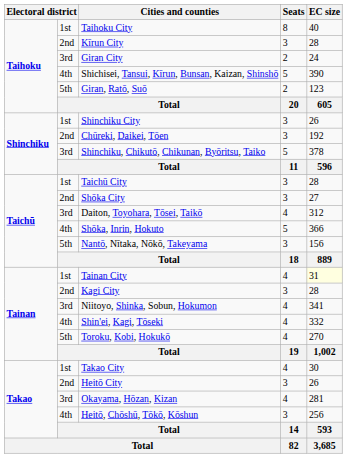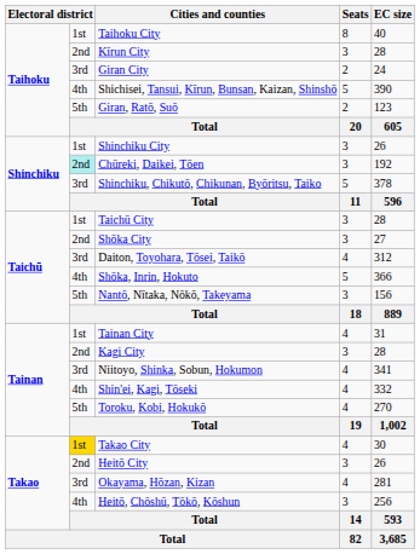 <table class="wikitable">
 <tr>
 <th colspan="2">Electoral district</th>
 <th>Cities and counties</th>
 <th>Seats</th>
 <th>EC size</th>
 </tr>
 <tr>
 <td rowspan="6"><strong><a href='#'>Taihoku</a></strong></td>
 <td>1st</td>
 <td><a href='#'>Taihoku City</a></td>
 <td>8</td>
 <td>40</td>
 </tr>
 <tr>
 <td>2nd</td>
 <td><a href='#'>Kīrun City</a></td>
 <td>3</td>
 <td>28</td>
 </tr>
 <tr>
 <td>3rd</td>
 <td><a href='#'>Giran City</a></td>
 <td>2</td>
 <td>24</td>
 </tr>
 <tr>
 <td>4th</td>
 <td>Shichisei, <a href='#'>Tansui</a>, <a href='#'>Kīrun</a>, <a href='#'>Bunsan</a>, Kaizan, <a href='#'>Shinshō</a></td>
 <td>5</td>
 <td>390</td>
 </tr>
 <tr>
 <td>5th</td>
 <td><a href='#'>Giran</a>, <a href='#'>Ratō</a>, <a href='#'>Suō</a></td>
 <td>2</td>
 <td>123</td>
 </tr>
 <tr>
 <th colspan="2">Total</th>
 <th>20</th>
 <th>605</th>
 </tr>
 <tr>
 <td rowspan="4"><strong><a href='#'>Shinchiku</a></strong></td>
 <td>1st</td>
 <td><a href='#'>Shinchiku City</a></td>
 <td>3</td>
 <td>26</td>
 </tr>
 <tr>
-<td>2nd</td>
+<td style="background: paleturquoise;">2nd</td>
 <td><a href='#'>Chūreki</a>, <a href='#'>Daikei</a>, <a href='#'>Tōen</a></td>
 <td>3</td>
 <td>192</td>
 </tr>
 <tr>
 <td>3rd</td>
 <td><a href='#'>Shinchiku</a>, <a href='#'>Chikutō</a>, <a href='#'>Chikunan</a>, <a href='#'>Byōritsu</a>, <a href='#'>Taiko</a></td>
 <td>5</td>
 <td>378</td>
 </tr>
 <tr>
 <th colspan="2">Total</th>
 <th>11</th>
 <th>596</th>
 </tr>
 <tr>
 <td rowspan="6"><strong><a href='#'>Taichū</a></strong></td>
 <td>1st</td>
 <td><a href='#'>Taichū City</a></td>
 <td>3</td>
 <td>28</td>
 </tr>
 <tr>
 <td>2nd</td>
 <td><a href='#'>Shōka City</a></td>
 <td>3</td>
 <td>27</td>
 </tr>
 <tr>
 <td>3rd</td>
 <td>Daiton, <a href='#'>Toyohara</a>, <a href='#'>Tōsei</a>, <a href='#'>Taikō</a></td>
 <td>4</td>
 <td>312</td>
 </tr>
 <tr>
 <td>4th</td>
 <td><a href='#'>Shōka</a>, <a href='#'>Inrin</a>, <a href='#'>Hokuto</a></td>
 <td>5</td>
 <td>366</td>
 </tr>
 <tr>
 <td>5th</td>
 <td><a href='#'>Nantō</a>, Nītaka, Nōkō, <a href='#'>Takeyama</a></td>
 <td>3</td>
 <td>156</td>
 </tr>
 <tr>
 <th colspan="2">Total</th>
 <th>18</th>
 <th>889</th>
 </tr>
 <tr>
 <td rowspan="6"><strong><a href='#'>Tainan</a></strong></td>
 <td>1st</td>
 <td><a href='#'>Tainan City</a></td>
 <td>4</td>
-<td style="background: lightyellow;">31</td>
+<td>31</td>
 </tr>
 <tr>
 <td>2nd</td>
 <td><a href='#'>Kagi City</a></td>
 <td>3</td>
 <td>28</td>
 </tr>
 <tr>
 <td>3rd</td>
 <td>Niitoyo, <a href='#'>Shinka</a>, Sobun, <a href='#'>Hokumon</a></td>
 <td>4</td>
 <td>341</td>
 </tr>
 <tr>
 <td>4th</td>
 <td><a href='#'>Shin'ei</a>, <a href='#'>Kagi</a>, <a href='#'>Tōseki</a></td>
 <td>4</td>
 <td>332</td>
 </tr>
 <tr>
 <td>5th</td>
 <td><a href='#'>Toroku</a>, <a href='#'>Kobi</a>, <a href='#'>Hokukō</a></td>
 <td>4</td>
 <td>270</td>
 </tr>
 <tr>
 <th colspan="2">Total</th>
 <th>19</th>
 <th>1,002</th>
 </tr>
 <tr>
 <td rowspan="5"><strong><a href='#'>Takao</a></strong></td>
-<td>1st</td>
+<td style="background: gold;">1st</td>
 <td><a href='#'>Takao City</a></td>
 <td>4</td>
 <td>30</td>
 </tr>
 <tr>
 <td>2nd</td>
 <td><a href='#'>Heitō City</a></td>
 <td>3</td>
 <td>26</td>
 </tr>
 <tr>
 <td>3rd</td>
 <td><a href='#'>Okayama</a>, <a href='#'>Hōzan</a>, <a href='#'>Kizan</a></td>
 <td>4</td>
 <td>281</td>
 </tr>
 <tr>
 <td>4th</td>
 <td><a href='#'>Heitō</a>, <a href='#'>Chōshū</a>, <a href='#'>Tōkō</a>, <a href='#'>Kōshun</a></td>
 <td>3</td>
 <td>256</td>
 </tr>
 <tr>
 <th colspan="2">Total</th>
 <th>14</th>
 <th>593</th>
 </tr>
 <tr>
 <th colspan="3"><strong>Total</strong></th>
 <th>82</th>
 <th>3,685</th>
 </tr>
 </table>
